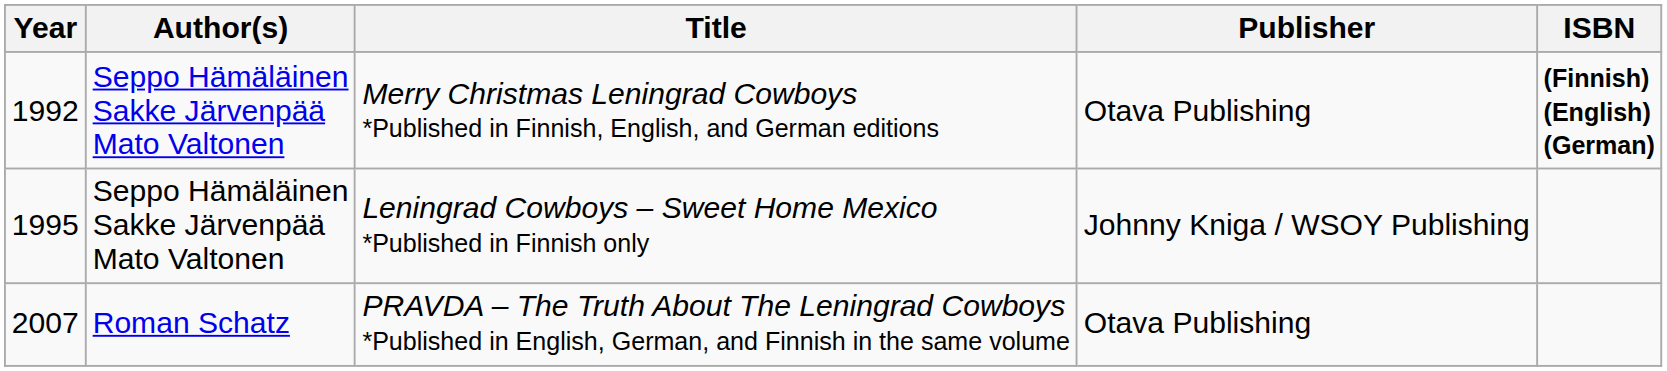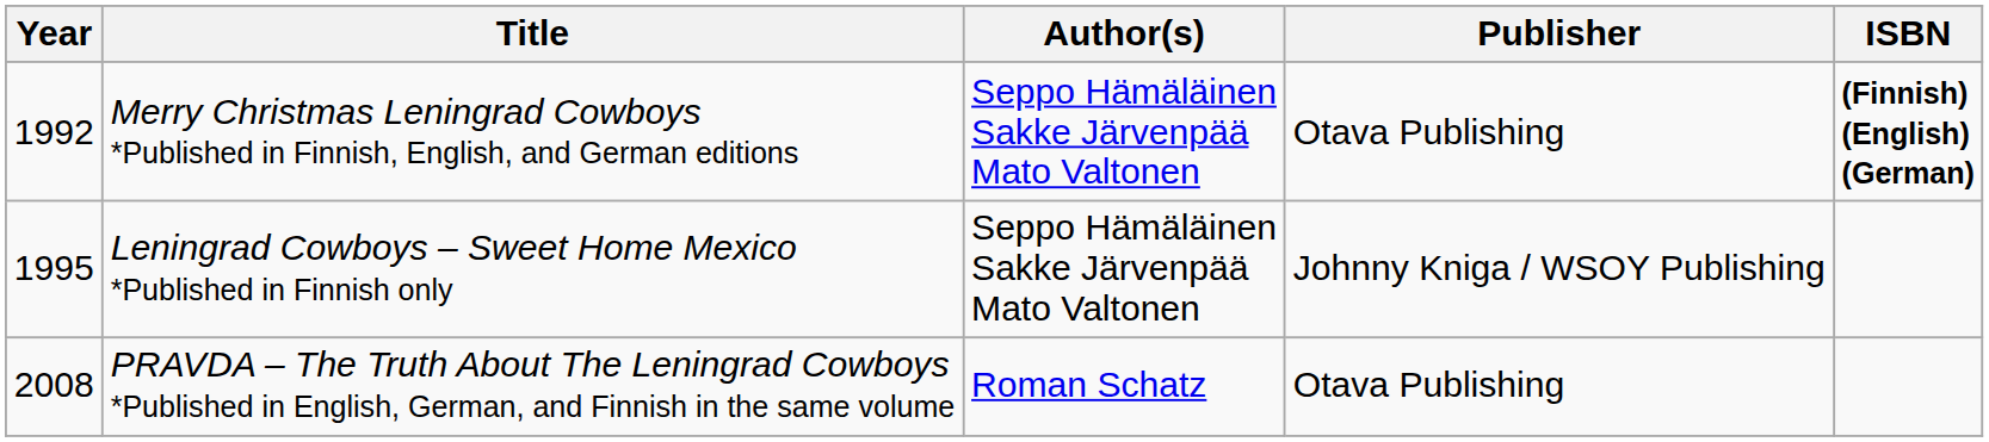 <table class="wikitable">
 <tr>
 <th>Year</th>
+<th>Title</th>
 <th>Author(s)</th>
-<th>Title</th>
 <th>Publisher</th>
 <th>ISBN</th>
 </tr>
 <tr>
 <td>1992</td>
+<td><em>Merry Christmas Leningrad Cowboys</em><br><small>*Published in Finnish, English, and German editions</small></td>
 <td><a href='#'>Seppo Hämäläinen</a><br><a href='#'>Sakke Järvenpää</a><br><a href='#'>Mato Valtonen</a></td>
-<td><em>Merry Christmas Leningrad Cowboys</em><br><small>*Published in Finnish, English, and German editions</small></td>
 <td>Otava Publishing</td>
 <td><strong> <small>(Finnish)</small><br> <small>(English)</small><br> <small>(German)</small></strong></td>
 </tr>
 <tr>
 <td>1995</td>
+<td><em>Leningrad Cowboys – Sweet Home Mexico</em><br><small>*Published in Finnish only</small></td>
 <td>Seppo Hämäläinen<br>Sakke Järvenpää<br>Mato Valtonen</td>
-<td><em>Leningrad Cowboys – Sweet Home Mexico</em><br><small>*Published in Finnish only</small></td>
 <td>Johnny Kniga / WSOY Publishing</td>
 <td></td>
 </tr>
 <tr>
-<td>2007</td>
+<td>2008</td>
+<td><em>PRAVDA – The Truth About The Leningrad Cowboys</em><br><small>*Published in English, German, and Finnish in the same volume</small></td>
 <td><a href='#'>Roman Schatz</a></td>
-<td><em>PRAVDA – The Truth About The Leningrad Cowboys</em><br><small>*Published in English, German, and Finnish in the same volume</small></td>
 <td>Otava Publishing</td>
 <td></td>
 </tr>
 </table>
